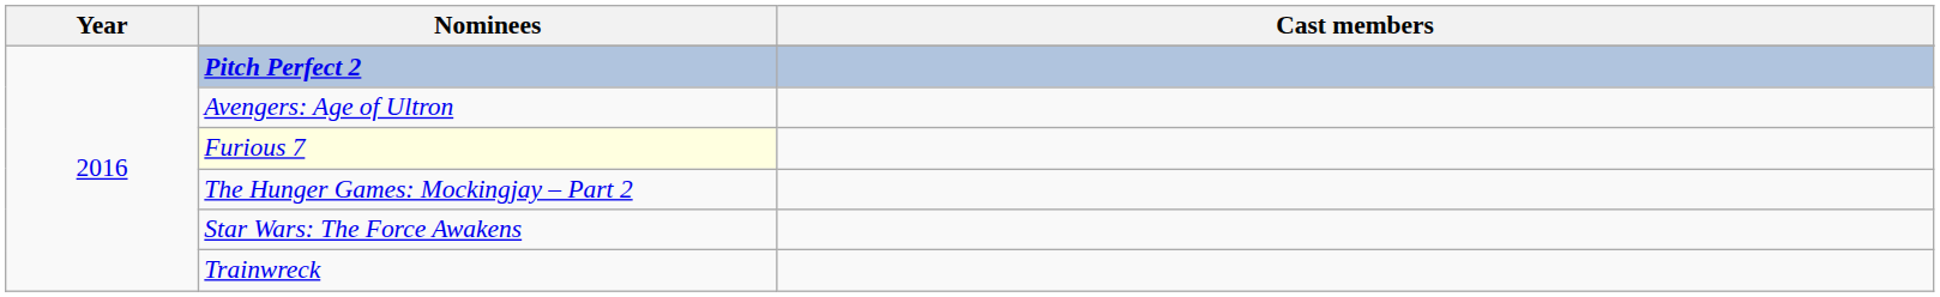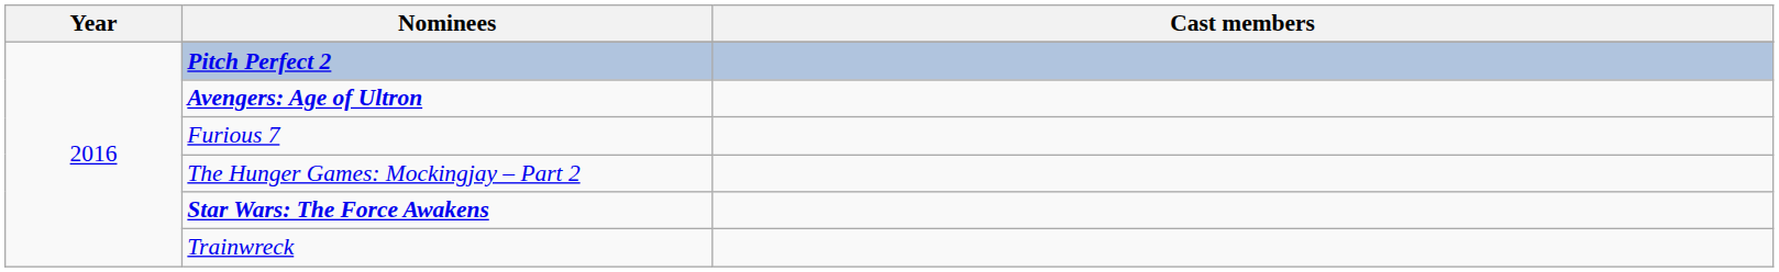 <table class="wikitable" width="95%" cellpadding="5">
 <tr>
 <th width="10%">Year</th>
 <th width="30%">Nominees</th>
 <th width="60%">Cast members</th>
 </tr>
 <tr>
 <td rowspan="7" align="center"><a href='#'>2016</a></td>
 </tr>
 <tr style="background:#B0C4DE;">
 <td><strong><em><a href='#'>Pitch Perfect 2</a></em></strong></td>
 <td></td>
 </tr>
 <tr>
-<td><em><a href='#'>Avengers: Age of Ultron</a></em></td>
+<td><strong><em><a href='#'>Avengers: Age of Ultron</a></em></strong></td>
 <td></td>
 </tr>
 <tr>
-<td style="background: lightyellow;"><em><a href='#'>Furious 7</a></em></td>
+<td><em><a href='#'>Furious 7</a></em></td>
 <td></td>
 </tr>
 <tr>
 <td><em><a href='#'>The Hunger Games: Mockingjay – Part 2</a></em></td>
 <td></td>
 </tr>
 <tr>
-<td><em><a href='#'>Star Wars: The Force Awakens</a></em></td>
+<td><strong><em><a href='#'>Star Wars: The Force Awakens</a></em></strong></td>
 <td></td>
 </tr>
 <tr>
 <td><em><a href='#'>Trainwreck</a></em></td>
 <td></td>
 </tr>
 </table>
